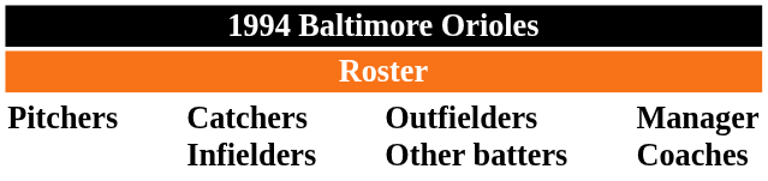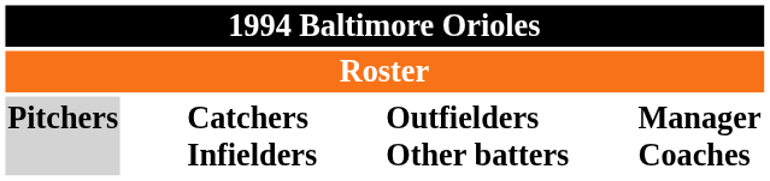 <table class="toccolours" style="font-size: 95%;">
 <tr>
 <th colspan="10" style="background-color: black; color: white; text-align: center;">1994 Baltimore Orioles</th>
 </tr>
 <tr>
 <td colspan="10" style="background-color: #F87217; color: white; text-align: center;"><strong>Roster</strong></td>
 </tr>
 <tr>
-<td valign="top"><strong>Pitchers</strong><br>              </td>
+<td valign="top" style="background: lightgrey;"><strong>Pitchers</strong><br>              </td>
 <td width="25px"></td>
 <td valign="top"><strong>Catchers</strong><br>  <strong>Infielders</strong>      </td>
 <td width="25px"></td>
 <td valign="top"><strong>Outfielders</strong><br>        <strong>Other batters</strong> </td>
 <td width="25px"></td>
 <td valign="top"><strong>Manager</strong><br> <strong>Coaches</strong>      </td>
 </tr>
 </table>
